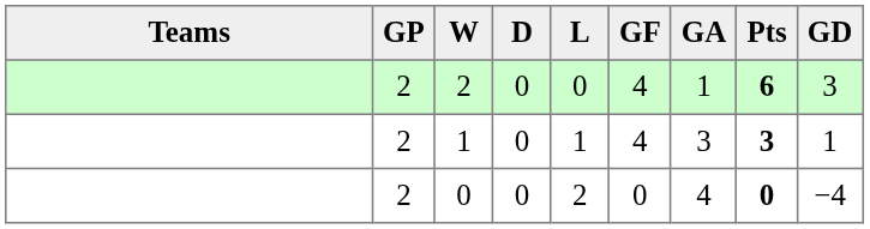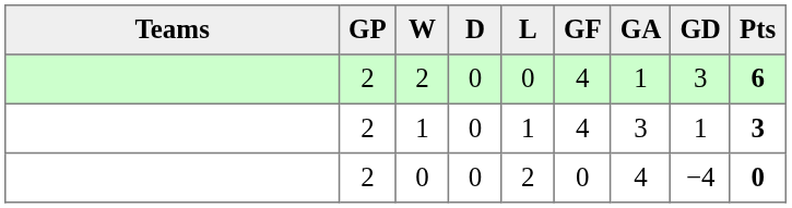 <table style=border-collapse:collapse border=1 cellspacing=0 cellpadding=5>
 <tr align=center bgcolor=#efefef>
 <th width=185>Teams</th>
 <th width=20>GP</th>
 <th width=20>W</th>
 <th width=20>D</th>
 <th width=20>L</th>
 <th width=20>GF</th>
 <th width=20>GA</th>
+<th width=20>GD</th>
 <th width=20>Pts</th>
-<th width=20>GD</th>
 </tr>
 <tr align=center style="background:#ccffcc;">
 <td style="text-align:left;"></td>
 <td>2</td>
 <td>2</td>
 <td>0</td>
 <td>0</td>
 <td>4</td>
 <td>1</td>
+<td>3</td>
 <td><strong>6</strong></td>
-<td>3</td>
 </tr>
 <tr align=center>
 <td style="text-align:left;"></td>
 <td>2</td>
 <td>1</td>
 <td>0</td>
 <td>1</td>
 <td>4</td>
 <td>3</td>
+<td>1</td>
 <td><strong>3</strong></td>
-<td>1</td>
 </tr>
 <tr align=center>
 <td style="text-align:left;"></td>
 <td>2</td>
 <td>0</td>
 <td>0</td>
 <td>2</td>
 <td>0</td>
 <td>4</td>
+<td>−4</td>
 <td><strong>0</strong></td>
-<td>−4</td>
 </tr>
 </table>
